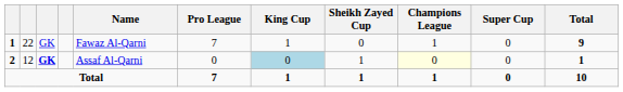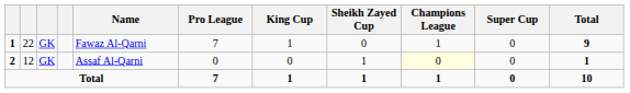 <table class="wikitable" style="text-align:center">
 <tr>
 <th width=15></th>
 <th width=15></th>
 <th width=15></th>
 <th width=15></th>
 <th width=145>Name</th>
 <th width=100>Pro League</th>
 <th width=100>King Cup</th>
 <th width=100>Sheikh Zayed Cup</th>
 <th width=100>Champions League</th>
 <th width=100>Super Cup</th>
 <th width=100>Total</th>
 </tr>
 <tr>
 <td><strong>1</strong></td>
 <td>22</td>
 <td><a href='#'>GK</a></td>
 <td></td>
 <td align=left><a href='#'>Fawaz Al-Qarni</a></td>
 <td>7</td>
 <td>1</td>
 <td>0</td>
 <td>1</td>
 <td>0</td>
 <td><strong>9</strong></td>
 </tr>
 <tr>
 <td><strong>2</strong></td>
 <td>12</td>
-<td><strong><a href='#'>GK</a></strong></td>
+<td><a href='#'>GK</a></td>
 <td></td>
 <td align=left><a href='#'>Assaf Al-Qarni</a></td>
 <td>0</td>
-<td style="background: lightblue;">0</td>
+<td>0</td>
 <td>1</td>
 <td style="background: lightyellow;">0</td>
 <td>0</td>
 <td><strong>1</strong></td>
 </tr>
 <tr>
 <td colspan=5><strong>Total</strong></td>
 <td><strong>7</strong></td>
 <td><strong>1</strong></td>
 <td><strong>1</strong></td>
 <td><strong>1</strong></td>
 <td><strong>0</strong></td>
 <td><strong>10</strong></td>
 </tr>
 </table>
